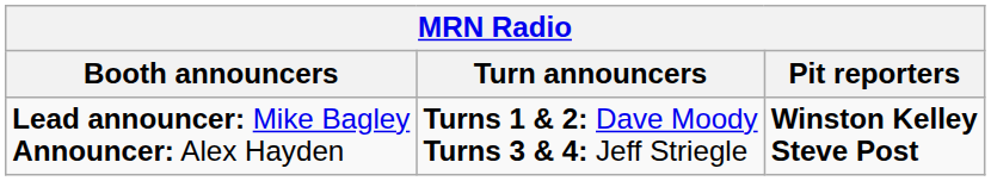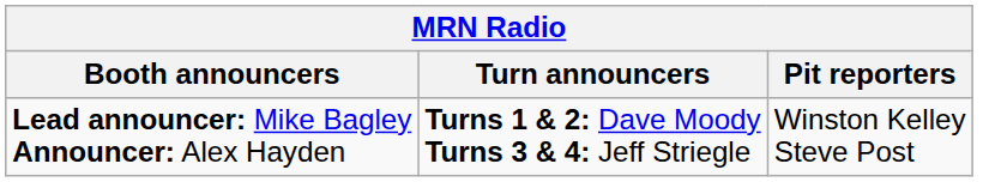 <table class="wikitable">
 <tr>
 <th colspan="3"><a href='#'>MRN Radio</a></th>
 </tr>
 <tr>
 <th>Booth announcers</th>
 <th>Turn announcers</th>
 <th>Pit reporters</th>
 </tr>
 <tr>
 <td><strong>Lead announcer:</strong> <a href='#'>Mike Bagley</a><br><strong>Announcer:</strong> Alex Hayden</td>
 <td><strong>Turns 1 & 2:</strong> <a href='#'>Dave Moody</a><br><strong>Turns</strong> <strong>3 & 4:</strong> Jeff Striegle</td>
-<td><strong>Winston Kelley<br>Steve Post</strong></td>
+<td>Winston Kelley<br>Steve Post</td>
 </tr>
 </table>
